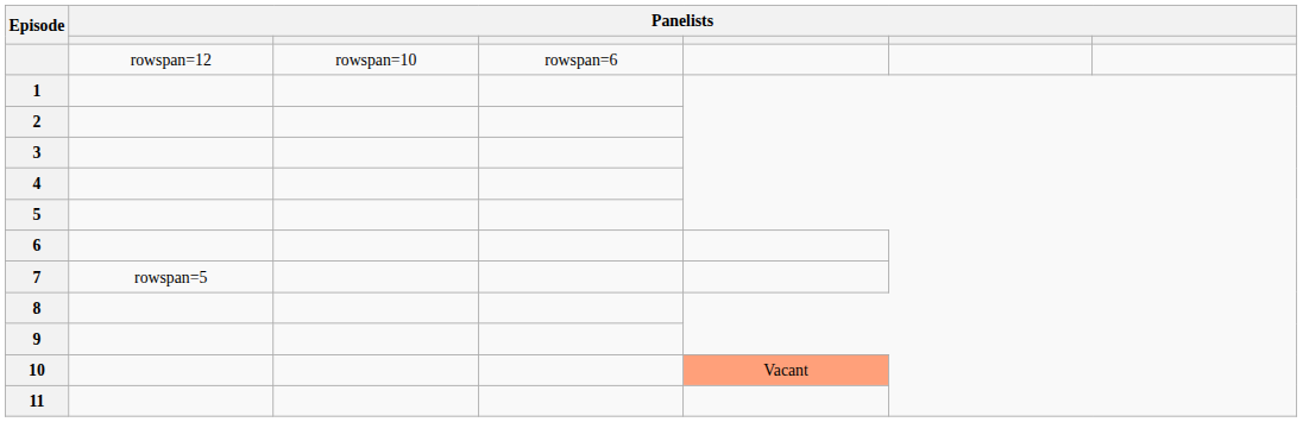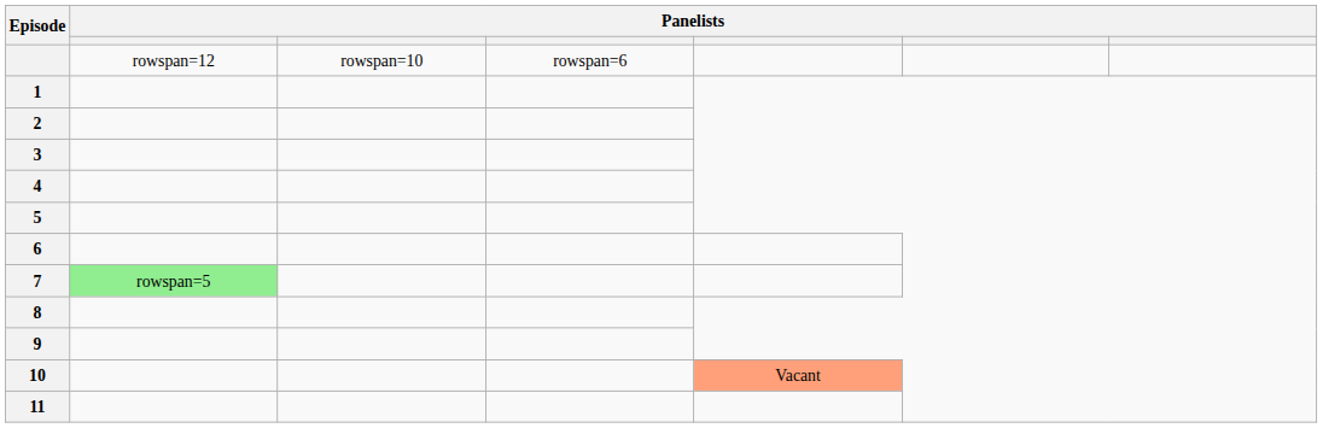 <table class="wikitable plainrowheaders mw-collapsible" style="text-align:center; line-height:23px; width:100%;">
 <tr>
 <th rowspan="2" width="1%">Episode</th>
 <th colspan="6">Panelists</th>
 </tr>
 <tr>
 <th width="16%"></th>
 <th width="16%"></th>
 <th width="16%"></th>
 <th width="16%"></th>
 <th width="16%"></th>
 <th width="16%"></th>
 </tr>
 <tr>
 <th></th>
 <td>rowspan=12 </td>
 <td>rowspan=10 </td>
 <td>rowspan=6 </td>
 <td></td>
 <td></td>
 <td></td>
 </tr>
 <tr>
 <th>1</th>
 <td></td>
 <td></td>
 <td></td>
 </tr>
 <tr>
 <th>2</th>
 <td></td>
 <td></td>
 <td></td>
 </tr>
 <tr>
 <th>3</th>
 <td></td>
 <td></td>
 <td></td>
 </tr>
 <tr>
 <th>4</th>
 <td></td>
 <td></td>
 <td></td>
 </tr>
 <tr>
 <th>5</th>
 <td></td>
 <td></td>
 <td></td>
 </tr>
 <tr>
 <th>6</th>
 <td></td>
 <td></td>
 <td></td>
 <td></td>
 </tr>
 <tr>
 <th>7</th>
-<td>rowspan=5 </td>
+<td style="background: lightgreen;">rowspan=5 </td>
 <td></td>
 <td></td>
 <td></td>
 </tr>
 <tr>
 <th>8</th>
 <td></td>
 <td></td>
 <td></td>
 </tr>
 <tr>
 <th>9</th>
 <td></td>
 <td></td>
 <td></td>
 </tr>
 <tr>
 <th>10</th>
 <td></td>
 <td></td>
 <td></td>
 <td style="background: lightsalmon;"> Vacant</td>
 </tr>
 <tr>
 <th>11</th>
 <td></td>
 <td></td>
 <td></td>
 <td></td>
 </tr>
 </table>
